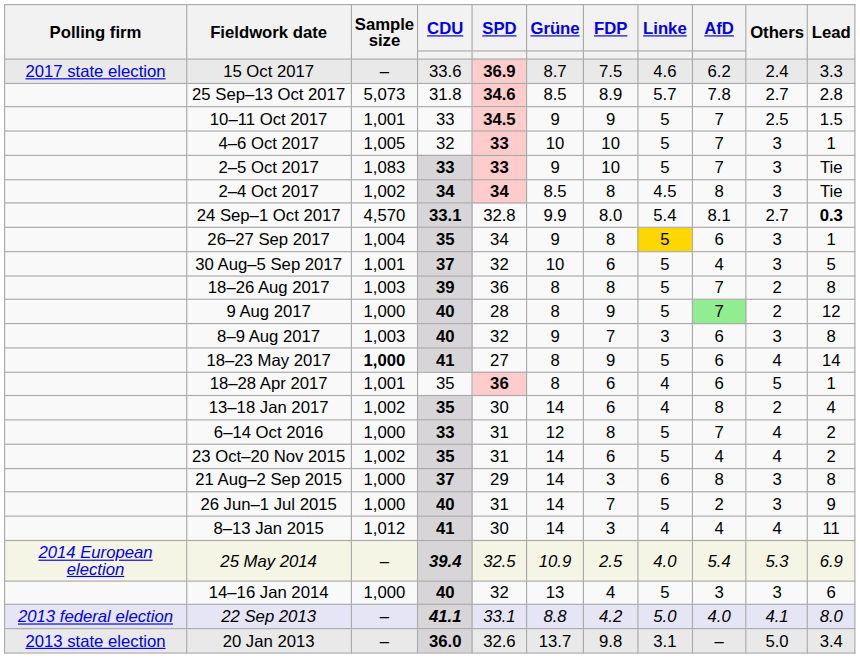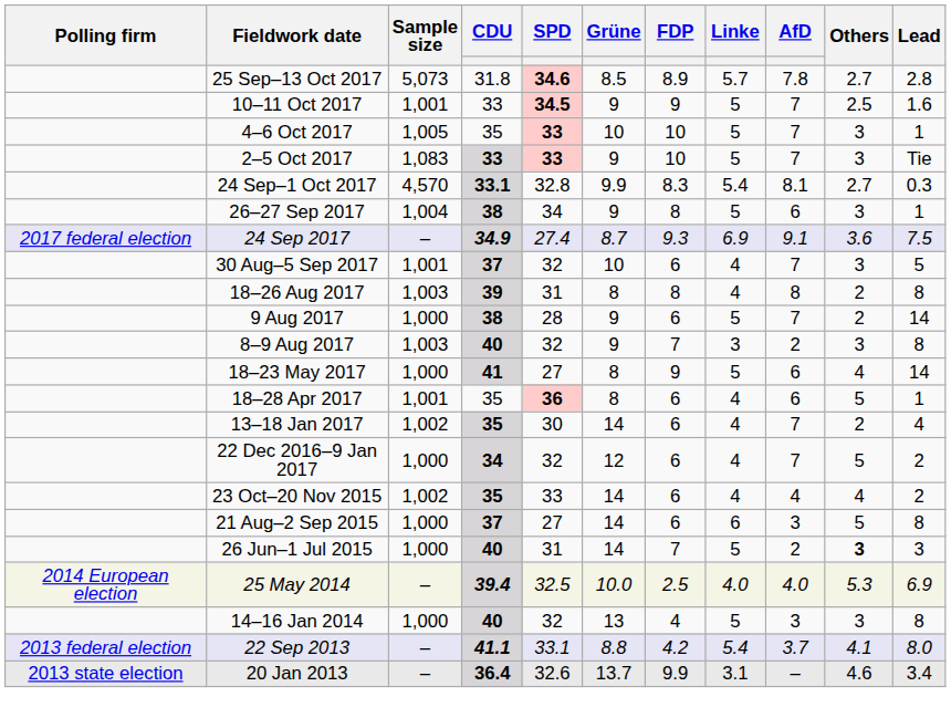 <table class="wikitable sortable" style="text-align:center;font-size:90%;line-height:14px;">
 <tr style="height:40px;">
 <th style="width:150px;" rowspan="2">Polling firm</th>
 <th style="width:135px;" rowspan="2">Fieldwork date</th>
 <th style="width:35px;" rowspan="2">Sample<br>size</th>
 <th class="unsortable" style="width:40px;"><a href='#'>CDU</a></th>
 <th class="unsortable" style="width:40px;"><a href='#'>SPD</a></th>
 <th class="unsortable" style="width:40px;"><a href='#'>Grüne</a></th>
 <th class="unsortable" style="width:40px;"><a href='#'>FDP</a></th>
 <th class="unsortable" style="width:40px;"><a href='#'>Linke</a></th>
 <th class="unsortable" style="width:40px;"><a href='#'>AfD</a></th>
 <th class="unsortable" style="width:40px;" rowspan="2">Others</th>
 <th style="width:30px;" rowspan="2">Lead</th>
 </tr>
 <tr>
 <th style="background:"></th>
 <th style="background:"></th>
 <th style="background:"></th>
 <th style="background:"></th>
 <th style="background:"></th>
 <th style="background:"></th>
-</tr>
-<tr style="background:#E9E9E9;">
-<td><a href='#'>2017 state election</a></td>
-<td data-sort-value="2017-10-15">15 Oct 2017</td>
-<td>–</td>
-<td>33.6</td>
-<td style="background:#FFCCCC;"><strong>36.9</strong></td>
-<td>8.7</td>
-<td>7.5</td>
-<td>4.6</td>
-<td>6.2</td>
-<td>2.4</td>
-<td style="background:">3.3</td>
 </tr>
 <tr>
 <td></td>
 <td data-sort-value="2017-10-13">25 Sep–13 Oct 2017</td>
 <td>5,073</td>
 <td>31.8</td>
 <td style="background:#FFCCCC;"><strong>34.6</strong></td>
 <td>8.5</td>
 <td>8.9</td>
 <td>5.7</td>
 <td>7.8</td>
 <td>2.7</td>
 <td style="background:">2.8</td>
 </tr>
 <tr>
 <td></td>
 <td data-sort-value="2017-10-11">10–11 Oct 2017</td>
 <td>1,001</td>
 <td>33</td>
 <td style="background:#FFCCCC;"><strong>34.5</strong></td>
 <td>9</td>
 <td>9</td>
 <td>5</td>
 <td>7</td>
 <td>2.5</td>
-<td style="background:">1.5</td>
+<td style="background:">1.6</td>
 </tr>
 <tr>
 <td></td>
 <td data-sort-value="2017-10-06">4–6 Oct 2017</td>
 <td>1,005</td>
-<td>32</td>
+<td>35</td>
 <td style="background:#FFCCCC;"><strong>33</strong></td>
 <td>10</td>
 <td>10</td>
 <td>5</td>
 <td>7</td>
 <td>3</td>
 <td style="background:">1</td>
 </tr>
 <tr>
 <td></td>
 <td data-sort-value="2017-10-05">2–5 Oct 2017</td>
 <td>1,083</td>
 <td style="background:#D7D5D7;"><strong>33</strong></td>
 <td style="background:#FFCCCC;"><strong>33</strong></td>
 <td>9</td>
 <td>10</td>
 <td>5</td>
 <td>7</td>
 <td>3</td>
 <td data-sort-value="0">Tie</td>
 </tr>
 <tr>
 <td></td>
-<td data-sort-value="2017-10-04">2–4 Oct 2017</td>
-<td>1,002</td>
-<td style="background:#D7D5D7;"><strong>34</strong></td>
-<td style="background:#FFCCCC;"><strong>34</strong></td>
-<td>8.5</td>
-<td>8</td>
-<td>4.5</td>
-<td>8</td>
-<td>3</td>
-<td data-sort-value="0">Tie</td>
-</tr>
-<tr>
-<td></td>
 <td data-sort-value="2017-10-01">24 Sep–1 Oct 2017</td>
 <td>4,570</td>
 <td style="background:#D7D5D7;"><strong>33.1</strong></td>
 <td>32.8</td>
 <td>9.9</td>
-<td>8.0</td>
+<td>8.3</td>
 <td>5.4</td>
 <td>8.1</td>
 <td>2.7</td>
-<td style="background:"><strong>0.3</strong></td>
+<td style="background:">0.3</td>
 </tr>
 <tr>
 <td></td>
 <td data-sort-value="2017-09-27">26–27 Sep 2017</td>
 <td>1,004</td>
-<td style="background:#D7D5D7;"><strong>35</strong></td>
+<td style="background:#D7D5D7;"><strong>38</strong></td>
 <td>34</td>
 <td>9</td>
 <td>8</td>
-<td style="background: gold;">5</td>
+<td>5</td>
 <td>6</td>
 <td>3</td>
 <td style="background:">1</td>
+</tr>
+<tr style="background:#E5E5F5;font-style:italic;">
+<td><a href='#'>2017 federal election</a></td>
+<td data-sort-value="2017-09-24">24 Sep 2017</td>
+<td>–</td>
+<td style="background:#D7D5D7;"><strong>34.9</strong></td>
+<td>27.4</td>
+<td>8.7</td>
+<td>9.3</td>
+<td>6.9</td>
+<td>9.1</td>
+<td>3.6</td>
+<td style="background:">7.5</td>
 </tr>
 <tr>
 <td></td>
 <td data-sort-value="2017-09-05">30 Aug–5 Sep 2017</td>
 <td>1,001</td>
 <td style="background:#D7D5D7;"><strong>37</strong></td>
 <td>32</td>
 <td>10</td>
 <td>6</td>
-<td>5</td>
 <td>4</td>
+<td>7</td>
 <td>3</td>
 <td style="background:">5</td>
 </tr>
 <tr>
 <td></td>
 <td data-sort-value="2017-08-26">18–26 Aug 2017</td>
 <td>1,003</td>
 <td style="background:#D7D5D7;"><strong>39</strong></td>
-<td>36</td>
+<td>31</td>
 <td>8</td>
 <td>8</td>
-<td>5</td>
-<td>7</td>
+<td>4</td>
+<td>8</td>
 <td>2</td>
 <td style="background:">8</td>
 </tr>
 <tr>
 <td></td>
 <td data-sort-value="2017-08-09">9 Aug 2017</td>
 <td>1,000</td>
-<td style="background:#D7D5D7;"><strong>40</strong></td>
+<td style="background:#D7D5D7;"><strong>38</strong></td>
 <td>28</td>
-<td>8</td>
 <td>9</td>
+<td>6</td>
 <td>5</td>
-<td style="background: lightgreen;">7</td>
+<td>7</td>
 <td>2</td>
-<td style="background:">12</td>
+<td style="background:">14</td>
 </tr>
 <tr>
 <td></td>
 <td data-sort-value="2017-08-09">8–9 Aug 2017</td>
 <td>1,003</td>
 <td style="background:#D7D5D7;"><strong>40</strong></td>
 <td>32</td>
 <td>9</td>
 <td>7</td>
 <td>3</td>
-<td>6</td>
+<td>2</td>
 <td>3</td>
 <td style="background:">8</td>
 </tr>
 <tr>
 <td></td>
 <td data-sort-value="2017-05-23">18–23 May 2017</td>
-<td><strong>1,000</strong></td>
+<td>1,000</td>
 <td style="background:#D7D5D7;"><strong>41</strong></td>
 <td>27</td>
 <td>8</td>
 <td>9</td>
 <td>5</td>
 <td>6</td>
 <td>4</td>
 <td style="background:">14</td>
 </tr>
 <tr>
 <td></td>
 <td data-sort-value="2017-04-28">18–28 Apr 2017</td>
 <td>1,001</td>
 <td>35</td>
 <td style="background:#FFCCCC;"><strong>36</strong></td>
 <td>8</td>
 <td>6</td>
 <td>4</td>
 <td>6</td>
 <td>5</td>
 <td style="background:">1</td>
 </tr>
 <tr>
 <td></td>
 <td data-sort-value="2017-01-18">13–18 Jan 2017</td>
 <td>1,002</td>
 <td style="background:#D7D5D7;"><strong>35</strong></td>
 <td>30</td>
 <td>14</td>
 <td>6</td>
 <td>4</td>
-<td>8</td>
+<td>7</td>
 <td>2</td>
 <td style="background:">4</td>
 </tr>
 <tr>
 <td></td>
-<td data-sort-value="2016-10-14">6–14 Oct 2016</td>
+<td data-sort-value="2017-01-09">22 Dec 2016–9 Jan 2017</td>
 <td>1,000</td>
-<td style="background:#D7D5D7;"><strong>33</strong></td>
-<td>31</td>
+<td style="background:#D7D5D7;"><strong>34</strong></td>
+<td>32</td>
 <td>12</td>
-<td>8</td>
+<td>6</td>
+<td>4</td>
+<td>7</td>
 <td>5</td>
-<td>7</td>
-<td>4</td>
 <td style="background:">2</td>
 </tr>
 <tr>
 <td></td>
 <td data-sort-value="2015-11-20">23 Oct–20 Nov 2015</td>
 <td>1,002</td>
 <td style="background:#D7D5D7;"><strong>35</strong></td>
-<td>31</td>
+<td>33</td>
 <td>14</td>
 <td>6</td>
-<td>5</td>
+<td>4</td>
 <td>4</td>
 <td>4</td>
 <td style="background:">2</td>
 </tr>
 <tr>
 <td></td>
 <td data-sort-value="2015-09-02">21 Aug–2 Sep 2015</td>
 <td>1,000</td>
 <td style="background:#D7D5D7;"><strong>37</strong></td>
-<td>29</td>
+<td>27</td>
 <td>14</td>
+<td>6</td>
+<td>6</td>
 <td>3</td>
-<td>6</td>
-<td>8</td>
-<td>3</td>
+<td>5</td>
 <td style="background:">8</td>
 </tr>
 <tr>
 <td></td>
 <td data-sort-value="2015-07-01">26 Jun–1 Jul 2015</td>
 <td>1,000</td>
 <td style="background:#D7D5D7;"><strong>40</strong></td>
 <td>31</td>
 <td>14</td>
 <td>7</td>
 <td>5</td>
 <td>2</td>
-<td>3</td>
-<td style="background:">9</td>
-</tr>
-<tr>
-<td></td>
-<td data-sort-value="2015-01-13">8–13 Jan 2015</td>
-<td>1,012</td>
-<td style="background:#D7D5D7;"><strong>41</strong></td>
-<td>30</td>
-<td>14</td>
-<td>3</td>
-<td>4</td>
-<td>4</td>
-<td>4</td>
-<td style="background:">11</td>
+<td><strong>3</strong></td>
+<td style="background:">3</td>
 </tr>
 <tr style="background:#F5F5E5;font-style:italic;">
 <td><a href='#'>2014 European election</a></td>
 <td data-sort-value="2014-05-25">25 May 2014</td>
 <td>–</td>
 <td style="background:#D7D5D7;"><strong>39.4</strong></td>
 <td>32.5</td>
-<td>10.9</td>
+<td>10.0</td>
 <td>2.5</td>
 <td>4.0</td>
-<td>5.4</td>
+<td>4.0</td>
 <td>5.3</td>
 <td style="background:">6.9</td>
 </tr>
 <tr>
 <td></td>
 <td data-sort-value="2014-01-16">14–16 Jan 2014</td>
 <td>1,000</td>
 <td style="background:#D7D5D7;"><strong>40</strong></td>
 <td>32</td>
 <td>13</td>
 <td>4</td>
 <td>5</td>
 <td>3</td>
 <td>3</td>
-<td style="background:">6</td>
+<td style="background:">8</td>
 </tr>
 <tr style="background:#E5E5F5;font-style:italic;">
 <td><a href='#'>2013 federal election</a></td>
 <td data-sort-value="2013-09-22">22 Sep 2013</td>
 <td>–</td>
 <td style="background:#D7D5D7;"><strong>41.1</strong></td>
 <td>33.1</td>
 <td>8.8</td>
 <td>4.2</td>
-<td>5.0</td>
-<td>4.0</td>
+<td>5.4</td>
+<td>3.7</td>
 <td>4.1</td>
 <td style="background:">8.0</td>
 </tr>
 <tr style="background:#E9E9E9;">
 <td><a href='#'>2013 state election</a></td>
 <td data-sort-value="2013-01-20">20 Jan 2013</td>
 <td>–</td>
-<td style="background:#D7D5D7;"><strong>36.0</strong></td>
+<td style="background:#D7D5D7;"><strong>36.4</strong></td>
 <td>32.6</td>
 <td>13.7</td>
-<td>9.8</td>
+<td>9.9</td>
 <td>3.1</td>
 <td>–</td>
-<td>5.0</td>
+<td>4.6</td>
 <td style="background:">3.4</td>
 </tr>
 </table>
